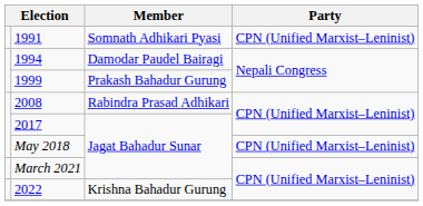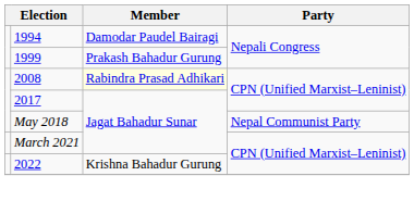 <table class="wikitable">
 <tr>
 <th colspan="2">Election</th>
 <th>Member</th>
 <th>Party</th>
-</tr>
-<tr>
-<td style="background-color:"></td>
-<td><a href='#'>1991</a></td>
-<td><a href='#'>Somnath Adhikari Pyasi</a></td>
-<td><a href='#'>CPN (Unified Marxist–Leninist)</a></td>
 </tr>
 <tr>
 <td rowspan="2" style="background-color:"></td>
 <td><a href='#'>1994</a></td>
 <td><a href='#'>Damodar Paudel Bairagi</a></td>
 <td rowspan="2"><a href='#'>Nepali Congress</a></td>
 </tr>
 <tr>
 <td><a href='#'>1999</a></td>
 <td><a href='#'>Prakash Bahadur Gurung</a></td>
 </tr>
 <tr>
 <td rowspan="3" style="background-color:"></td>
 <td><a href='#'>2008</a></td>
-<td><a href='#'>Rabindra Prasad Adhikari</a></td>
+<td style="background: lightyellow;"><a href='#'>Rabindra Prasad Adhikari</a></td>
 <td rowspan="2"><a href='#'>CPN (Unified Marxist–Leninist)</a></td>
 </tr>
 <tr>
 <td><a href='#'>2017</a></td>
 <td rowspan="3"><a href='#'>Jagat Bahadur Sunar</a></td>
 </tr>
 <tr>
 <td><em>May 2018</em></td>
-<td><a href='#'>CPN (Unified Marxist–Leninist)</a></td>
+<td><a href='#'>Nepal Communist Party</a></td>
 </tr>
 <tr>
 <td></td>
 <td><em>March 2021</em></td>
 <td rowspan="2"><a href='#'>CPN (Unified Marxist–Leninist)</a></td>
 </tr>
 <tr>
 <td></td>
 <td><a href='#'>2022</a></td>
 <td>Krishna Bahadur Gurung</td>
 </tr>
 <tr>
 </tr>
 </table>
